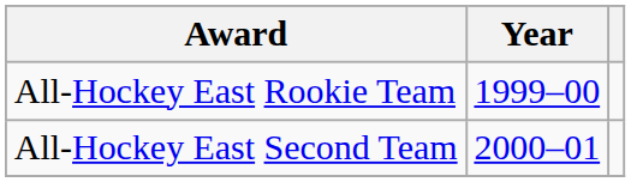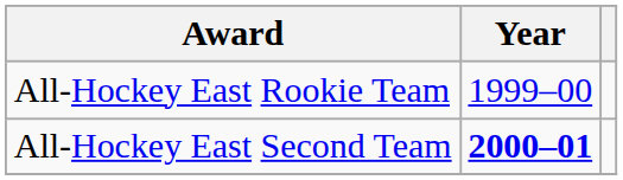 <table class="wikitable">
 <tr>
 <th>Award</th>
 <th>Year</th>
 <th></th>
 </tr>
 <tr>
 <td>All-<a href='#'>Hockey East</a> <a href='#'>Rookie Team</a></td>
 <td><a href='#'>1999–00</a></td>
 <td></td>
 </tr>
 <tr>
 <td>All-<a href='#'>Hockey East</a> <a href='#'>Second Team</a></td>
-<td><a href='#'>2000–01</a></td>
+<td><strong><a href='#'>2000–01</a></strong></td>
 <td></td>
 </tr>
 <tr>
 </tr>
 </table>
